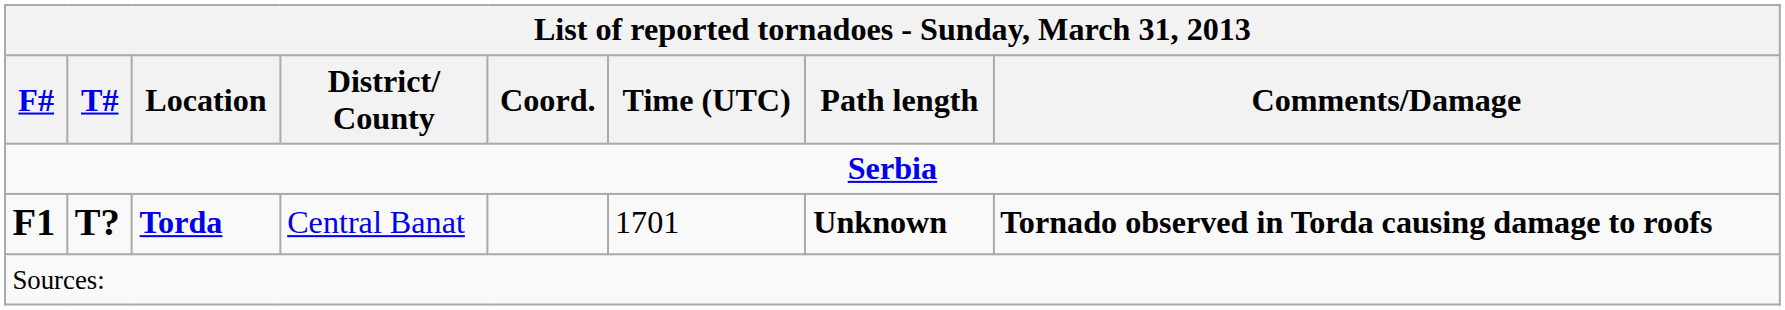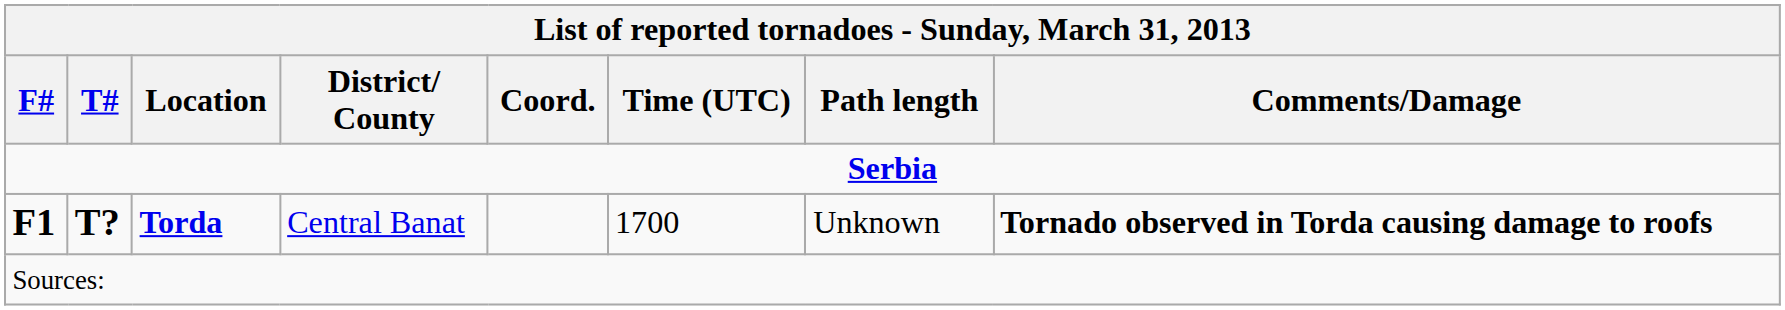 <table class="wikitable collapsible" width="100%">
 <tr>
 <th colspan="8">List of reported tornadoes - Sunday, March 31, 2013</th>
 </tr>
 <tr>
 <th><a href='#'>F#</a></th>
 <th><a href='#'>T#</a></th>
 <th>Location</th>
 <th>District/<br>County</th>
 <th>Coord.</th>
 <th>Time (UTC)</th>
 <th>Path length</th>
 <th>Comments/Damage</th>
 </tr>
 <tr>
 <td colspan="8" align=center><strong><a href='#'>Serbia</a></strong></td>
 </tr>
 <tr>
 <td><big><strong>F1</strong></big></td>
 <td><big><strong>T?</strong></big></td>
 <td><strong><a href='#'>Torda</a></strong></td>
 <td><a href='#'>Central Banat</a></td>
 <td></td>
-<td>1701</td>
-<td><strong>Unknown</strong></td>
+<td>1700</td>
+<td>Unknown</td>
 <td><strong>Tornado observed in Torda causing damage to roofs</strong></td>
 </tr>
 <tr>
 <td colspan="8"><small>Sources:  </small></td>
 </tr>
 </table>
